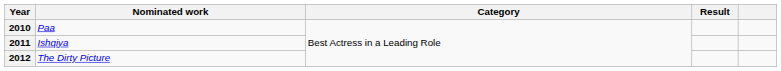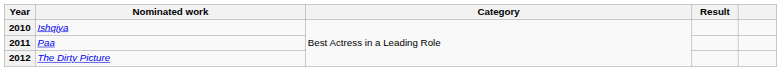 <table class="wikitable plainrowheaders" style="width:80%;">
 <tr>
 <th scope="col" style="width:4%;">Year</th>
 <th scope="col" style="width:35%;">Nominated work</th>
 <th scope="col" style="width:50%;">Category</th>
 <th scope="col" style="width:6%;">Result</th>
 <th scope="col" style="width:6%;"></th>
 </tr>
 <tr>
 <th scope="row">2010</th>
-<td><em><a href='#'>Paa</a></em></td>
+<td><em><a href='#'>Ishqiya</a></em></td>
 <td rowspan="3">Best Actress in a Leading Role</td>
 <td></td>
 <td style="text-align:center;"></td>
 </tr>
 <tr>
 <th scope="row">2011</th>
-<td><em><a href='#'>Ishqiya</a></em></td>
+<td><em><a href='#'>Paa</a></em></td>
 <td></td>
 <td style="text-align:center;"></td>
 </tr>
 <tr>
 <th scope="row">2012</th>
 <td><em><a href='#'>The Dirty Picture</a></em></td>
 <td></td>
 <td style="text-align:center;"></td>
 </tr>
 </table>
